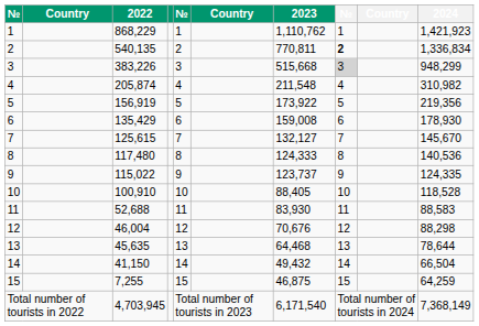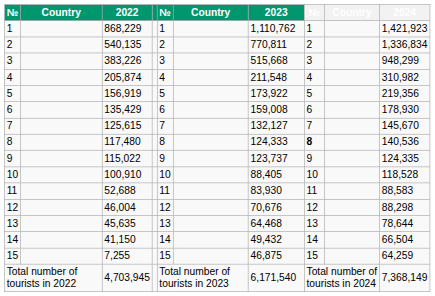 <table class="wikitable">
 <tr style="color:white;">
 <th style="width:2px; background:#00966E;">№</th>
 <th style="width:120px; background:#00966E;">Country</th>
 <th style="width:50px; background:#00966E;">2022</th>
 <th style="background-color:#00966E;"></th>
 <th style="width:2px; background:#00966E;">№</th>
 <th style="width:110px; background:#00966E;">Country</th>
 <th style="width:80px; background:#00966E;">2023</th>
 <th>№</th>
 <th>Country</th>
 <th>2024</th>
 </tr>
 <tr>
 <td>1</td>
 <td></td>
 <td>  868,229</td>
 <td></td>
 <td>1</td>
 <td></td>
 <td> 1,110,762</td>
 <td>1</td>
 <td></td>
 <td> 1,421,923</td>
 </tr>
 <tr>
 <td>2</td>
 <td></td>
 <td>  540,135</td>
 <td></td>
 <td>2</td>
 <td></td>
 <td> 770,811</td>
-<td><strong>2</strong></td>
+<td>2</td>
 <td></td>
 <td> 1,336,834</td>
 </tr>
 <tr>
 <td>3</td>
 <td></td>
 <td> 383,226</td>
 <td></td>
 <td>3</td>
 <td></td>
 <td> 515,668</td>
-<td style="background: lightgrey;">3</td>
+<td>3</td>
 <td></td>
 <td> 948,299</td>
 </tr>
 <tr>
 <td>4</td>
 <td></td>
 <td> 205,874</td>
 <td></td>
 <td>4</td>
 <td></td>
 <td> 211,548</td>
 <td>4</td>
 <td></td>
 <td> 310,982</td>
 </tr>
 <tr>
 <td>5</td>
 <td></td>
 <td>  156,919</td>
 <td></td>
 <td>5</td>
 <td></td>
 <td> 173,922</td>
 <td>5</td>
 <td></td>
 <td> 219,356</td>
 </tr>
 <tr>
 <td>6</td>
 <td></td>
 <td>  135,429</td>
 <td></td>
 <td>6</td>
 <td></td>
 <td> 159,008</td>
 <td>6</td>
 <td></td>
 <td> 178,930</td>
 </tr>
 <tr>
 <td>7</td>
 <td></td>
 <td> 125,615</td>
 <td></td>
 <td>7</td>
 <td></td>
 <td> 132,127</td>
 <td>7</td>
 <td></td>
 <td> 145,670</td>
 </tr>
 <tr>
 <td>8</td>
 <td></td>
 <td> 117,480</td>
 <td></td>
 <td>8</td>
 <td></td>
 <td> 124,333</td>
-<td>8</td>
+<td><strong>8</strong></td>
 <td></td>
 <td> 140,536</td>
 </tr>
 <tr>
 <td>9</td>
 <td></td>
 <td> 115,022</td>
 <td></td>
 <td>9</td>
 <td></td>
 <td> 123,737</td>
 <td>9</td>
 <td></td>
 <td> 124,335</td>
 </tr>
 <tr>
 <td>10</td>
 <td></td>
 <td> 100,910</td>
 <td></td>
 <td>10</td>
 <td></td>
 <td> 88,405</td>
 <td>10</td>
 <td></td>
 <td> 118,528</td>
 </tr>
 <tr>
 <td>11</td>
 <td></td>
 <td> 52,688</td>
 <td></td>
 <td>11</td>
 <td></td>
 <td> 83,930</td>
 <td>11</td>
 <td></td>
 <td> 88,583</td>
 </tr>
 <tr>
 <td>12</td>
 <td></td>
 <td> 46,004</td>
 <td></td>
 <td>12</td>
 <td></td>
 <td> 70,676</td>
 <td>12</td>
 <td></td>
 <td> 88,298</td>
 </tr>
 <tr>
 <td>13</td>
 <td></td>
 <td> 45,635</td>
 <td></td>
 <td>13</td>
 <td></td>
 <td> 64,468</td>
 <td>13</td>
 <td></td>
 <td> 78,644</td>
 </tr>
 <tr>
 <td>14</td>
 <td></td>
 <td> 41,150</td>
 <td></td>
 <td>14</td>
 <td></td>
 <td> 49,432</td>
 <td>14</td>
 <td></td>
 <td> 66,504</td>
 </tr>
 <tr>
 <td>15</td>
 <td></td>
 <td> 7,255</td>
 <td></td>
 <td>15</td>
 <td></td>
 <td> 46,875</td>
 <td>15</td>
 <td></td>
 <td> 64,259</td>
 </tr>
 <tr>
 <td colspan="2">Total number of tourists in 2022</td>
 <td>4,703,945</td>
 <td></td>
 <td colspan="2">Total number of tourists in 2023</td>
 <td>6,171,540</td>
 <td colspan="2">Total number of<br>tourists in 2024</td>
 <td>7,368,149</td>
 </tr>
 </table>
